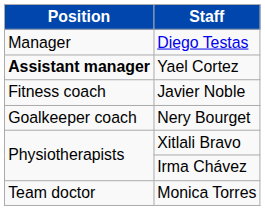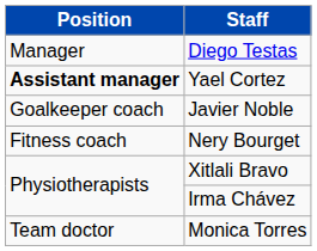 <table class="wikitable">
 <tr>
 <th style="background-color:#0046AD;color:#FFFFFF;">Position</th>
 <th style="background-color:#0046AD;color:#FFFFFF;">Staff</th>
 </tr>
 <tr>
 <td>Manager</td>
 <td> <a href='#'>Diego Testas</a></td>
 </tr>
 <tr>
 <td><strong>Assistant manager</strong></td>
 <td> Yael Cortez</td>
 </tr>
 <tr>
-<td>Fitness coach</td>
+<td>Goalkeeper coach</td>
 <td> Javier Noble</td>
 </tr>
 <tr>
-<td>Goalkeeper coach</td>
+<td>Fitness coach</td>
 <td> Nery Bourget</td>
 </tr>
 <tr>
 <td rowspan="2">Physiotherapists</td>
 <td> Xitlali Bravo</td>
 </tr>
 <tr>
 <td> Irma Chávez</td>
 </tr>
 <tr>
 <td>Team doctor</td>
 <td> Monica Torres</td>
 </tr>
 </table>
